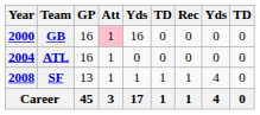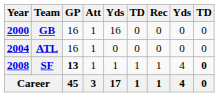 <table class="wikitable" style="text-align: center;">
 <tr>
 <th>Year</th>
 <th>Team</th>
 <th>GP</th>
 <th>Att</th>
 <th>Yds</th>
 <th>TD</th>
 <th>Rec</th>
 <th>Yds</th>
 <th>TD</th>
 </tr>
 <tr>
 <th><a href='#'>2000</a></th>
 <th><a href='#'>GB</a></th>
 <td>16</td>
-<td style="background: pink;">1</td>
+<td>1</td>
 <td>16</td>
 <td>0</td>
 <td>0</td>
 <td>0</td>
 <td>0</td>
 </tr>
 <tr>
 <th><a href='#'>2004</a></th>
 <th><a href='#'>ATL</a></th>
 <td>16</td>
 <td>1</td>
 <td>0</td>
 <td>0</td>
 <td>0</td>
 <td>0</td>
 <td>0</td>
 </tr>
 <tr>
 <th><a href='#'>2008</a></th>
 <th><a href='#'>SF</a></th>
-<td>13</td>
+<td><strong>13</strong></td>
 <td>1</td>
 <td>1</td>
 <td>1</td>
 <td>1</td>
 <td>4</td>
-<td>0</td>
+<td><strong>0</strong></td>
 </tr>
 <tr>
 <th colspan="2">Career</th>
 <th>45</th>
 <th>3</th>
 <th>17</th>
 <th>1</th>
 <th>1</th>
 <th>4</th>
 <th>0</th>
 </tr>
 </table>
